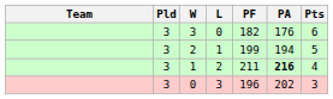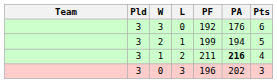 <table class="wikitable" style="text-align:center;">
 <tr>
 <th width=170>Team</th>
 <th width=25>Pld</th>
 <th width=25>W</th>
 <th width=25>L</th>
 <th width=35>PF</th>
 <th width=35>PA</th>
 <th width=25>Pts</th>
 </tr>
 <tr bgcolor=#ccffcc>
 <td align="left"></td>
 <td>3</td>
 <td>3</td>
 <td>0</td>
-<td>182</td>
+<td>192</td>
 <td>176</td>
 <td>6</td>
 </tr>
 <tr bgcolor=#ccffcc>
 <td align="left"></td>
 <td>3</td>
 <td>2</td>
 <td>1</td>
 <td>199</td>
 <td>194</td>
 <td>5</td>
 </tr>
 <tr bgcolor=#ccffcc>
 <td align="left"></td>
 <td>3</td>
 <td>1</td>
 <td>2</td>
 <td>211</td>
 <td><strong>216</strong></td>
 <td>4</td>
 </tr>
 <tr bgcolor=#ffcccc>
 <td align="left"></td>
 <td>3</td>
 <td>0</td>
 <td>3</td>
 <td>196</td>
 <td>202</td>
 <td>3</td>
 </tr>
 </table>
